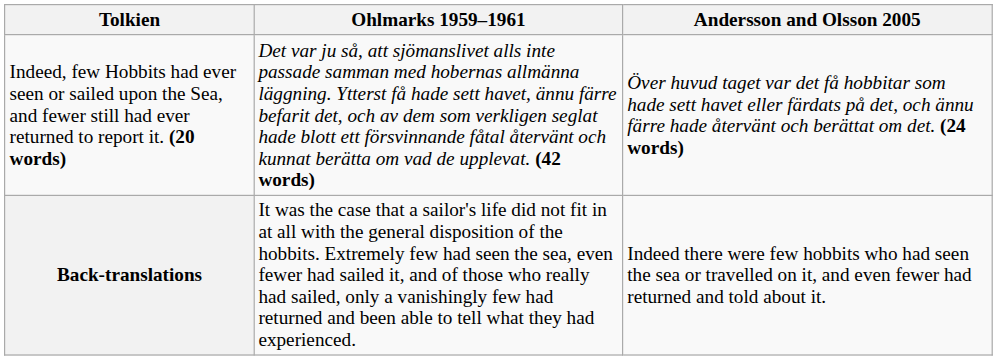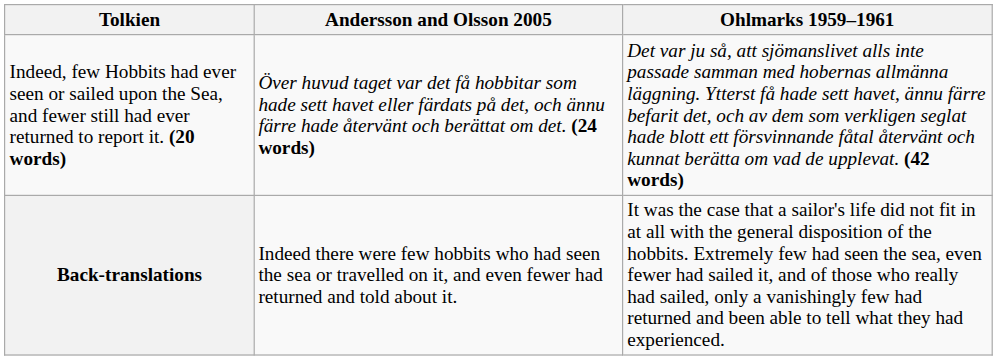 <table class="wikitable" style="margin: 1em auto;">
 <tr>
 <th style="width: 200px;">Tolkien</th>
+<th style="width: 300px;">Andersson and Olsson 2005</th>
 <th style="width: 300px;">Ohlmarks 1959–1961</th>
-<th style="width: 300px;">Andersson and Olsson 2005</th>
 </tr>
 <tr>
 <td>Indeed, few Hobbits had ever seen or sailed upon the Sea, and fewer still had ever returned to report it. <strong>(20 words)</strong><br></td>
+<td><em>Över huvud taget var det få hobbitar som hade sett havet eller färdats på det, och ännu färre hade återvänt och berättat om det.</em> <strong>(24 words)</strong><br></td>
 <td><em>Det var ju så, att sjömanslivet alls inte passade samman med hobernas allmänna läggning. Ytterst få hade sett havet, ännu färre befarit det, och av dem som verkligen seglat hade blott ett försvinnande fåtal återvänt och kunnat berätta om vad de upplevat.</em> <strong>(42 words)</strong></td>
-<td><em>Över huvud taget var det få hobbitar som hade sett havet eller färdats på det, och ännu färre hade återvänt och berättat om det.</em> <strong>(24 words)</strong><br></td>
 </tr>
 <tr>
 <th>Back-translations</th>
+<td>Indeed there were few hobbits who had seen the sea or travelled on it, and even fewer had returned and told about it.<br></td>
 <td>It was the case that a sailor's life did not fit in at all with the general disposition of the hobbits. Extremely few had seen the sea, even fewer had sailed it, and of those who really had sailed, only a vanishingly few had returned and been able to tell what they had experienced.</td>
-<td>Indeed there were few hobbits who had seen the sea or travelled on it, and even fewer had returned and told about it.<br></td>
 </tr>
 </table>
